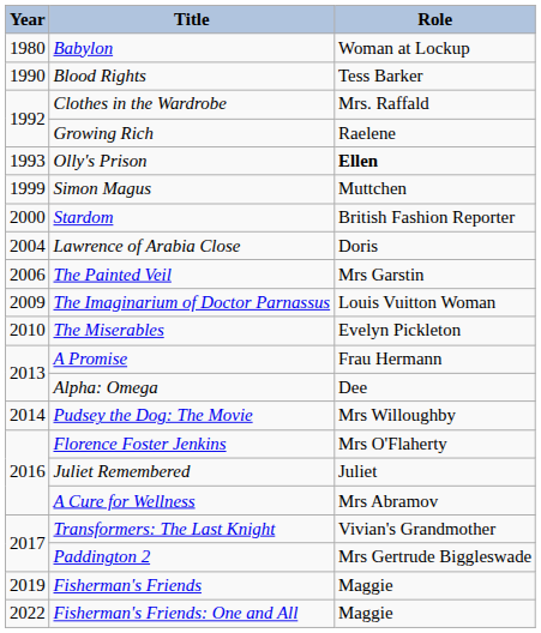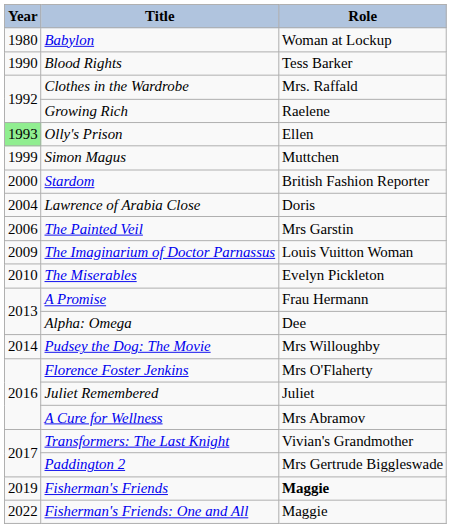 <table class="wikitable">
 <tr>
 <th style="background:#B0C4DE;">Year</th>
 <th style="background:#B0C4DE;">Title</th>
 <th style="background:#B0C4DE;">Role</th>
 </tr>
 <tr>
 <td>1980</td>
 <td><em><a href='#'>Babylon</a></em></td>
 <td>Woman at Lockup</td>
 </tr>
 <tr>
 <td>1990</td>
 <td><em>Blood Rights </em></td>
 <td>Tess Barker</td>
 </tr>
 <tr>
 <td rowspan=2>1992</td>
 <td><em>Clothes in the Wardrobe</em></td>
 <td>Mrs. Raffald</td>
 </tr>
 <tr>
 <td><em>Growing Rich</em></td>
 <td>Raelene</td>
 </tr>
 <tr>
-<td>1993</td>
+<td style="background: lightgreen;">1993</td>
 <td><em>Olly's Prison</em></td>
-<td><strong>Ellen</strong></td>
+<td>Ellen</td>
 </tr>
 <tr>
 <td>1999</td>
 <td><em>Simon Magus</em></td>
 <td>Muttchen</td>
 </tr>
 <tr>
 <td>2000</td>
 <td><em><a href='#'>Stardom</a></em></td>
 <td>British Fashion Reporter</td>
 </tr>
 <tr>
 <td>2004</td>
 <td><em>Lawrence of Arabia Close</em></td>
 <td>Doris</td>
 </tr>
 <tr>
 <td>2006</td>
 <td><em><a href='#'>The Painted Veil</a></em></td>
 <td>Mrs Garstin</td>
 </tr>
 <tr>
 <td>2009</td>
 <td><em><a href='#'>The Imaginarium of Doctor Parnassus</a></em></td>
 <td>Louis Vuitton Woman</td>
 </tr>
 <tr>
 <td>2010</td>
 <td><em><a href='#'>The Miserables</a></em></td>
 <td>Evelyn Pickleton</td>
 </tr>
 <tr>
 <td rowspan=2>2013</td>
 <td><em><a href='#'>A Promise</a></em></td>
 <td>Frau Hermann</td>
 </tr>
 <tr>
 <td><em>Alpha: Omega</em></td>
 <td>Dee</td>
 </tr>
 <tr>
 <td>2014</td>
 <td><em><a href='#'>Pudsey the Dog: The Movie</a></em></td>
 <td>Mrs Willoughby</td>
 </tr>
 <tr>
 <td rowspan=3>2016</td>
 <td><em><a href='#'>Florence Foster Jenkins</a></em></td>
 <td>Mrs O'Flaherty</td>
 </tr>
 <tr>
 <td><em>Juliet Remembered</em></td>
 <td>Juliet</td>
 </tr>
 <tr>
 <td><em><a href='#'>A Cure for Wellness</a></em></td>
 <td>Mrs Abramov</td>
 </tr>
 <tr>
 <td rowspan=2>2017</td>
 <td><em><a href='#'>Transformers: The Last Knight</a></em></td>
 <td>Vivian's Grandmother</td>
 </tr>
 <tr>
 <td><em><a href='#'>Paddington 2</a></em></td>
 <td>Mrs Gertrude Biggleswade</td>
 </tr>
 <tr>
 <td>2019</td>
 <td><em><a href='#'>Fisherman's Friends</a></em></td>
-<td>Maggie</td>
+<td><strong>Maggie</strong></td>
 </tr>
 <tr>
 <td>2022</td>
 <td><em><a href='#'>Fisherman's Friends: One and All</a></em></td>
 <td>Maggie</td>
 </tr>
 </table>
